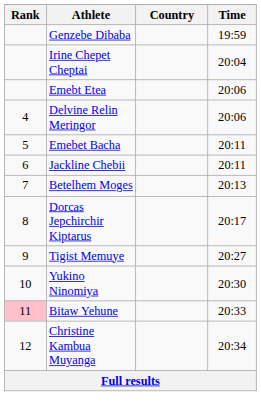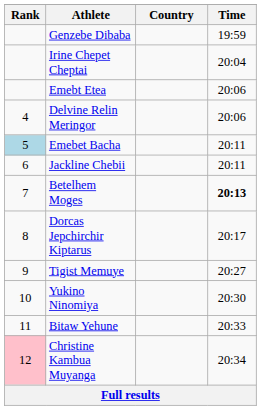 <table class="wikitable sortable" style=" text-align:center; font-size:95%;" width="50%">
 <tr>
 </tr>
 <tr>
 <th width=5%>Rank</th>
 <th width=20%>Athlete</th>
 <th width=15%>Country</th>
 <th width=10%>Time</th>
 </tr>
 <tr>
 <td align=center></td>
 <td align=left><a href='#'>Genzebe Dibaba</a></td>
 <td align=left></td>
 <td>19:59</td>
 </tr>
 <tr>
 <td align=center></td>
 <td align=left><a href='#'>Irine Chepet Cheptai</a></td>
 <td align=left></td>
 <td>20:04</td>
 </tr>
 <tr>
 <td align=center></td>
 <td align=left><a href='#'>Emebt Etea</a></td>
 <td align=left></td>
 <td>20:06</td>
 </tr>
 <tr>
 <td align=center>4</td>
 <td align=left><a href='#'>Delvine Relin Meringor</a></td>
 <td align=left></td>
 <td>20:06</td>
 </tr>
 <tr>
-<td align=center>5</td>
+<td align=center style="background: lightblue;">5</td>
 <td align=left><a href='#'>Emebet Bacha</a></td>
 <td align=left></td>
 <td>20:11</td>
 </tr>
 <tr>
 <td align=center>6</td>
 <td align=left><a href='#'>Jackline Chebii</a></td>
 <td align=left></td>
 <td>20:11</td>
 </tr>
 <tr>
 <td align=center>7</td>
 <td align=left><a href='#'>Betelhem Moges</a></td>
 <td align=left></td>
-<td>20:13</td>
+<td><strong>20:13</strong></td>
 </tr>
 <tr>
 <td align=center>8</td>
 <td align=left><a href='#'>Dorcas Jepchirchir Kiptarus</a></td>
 <td align=left></td>
 <td>20:17</td>
 </tr>
 <tr>
 <td align=center>9</td>
 <td align=left><a href='#'>Tigist Memuye</a></td>
 <td align=left></td>
 <td>20:27</td>
 </tr>
 <tr>
 <td align=center>10</td>
 <td align=left><a href='#'>Yukino Ninomiya</a></td>
 <td align=left></td>
 <td>20:30</td>
 </tr>
 <tr>
-<td align=center style="background: pink;">11</td>
+<td align=center>11</td>
 <td align=left><a href='#'>Bitaw Yehune</a></td>
 <td align=left></td>
 <td>20:33</td>
 </tr>
 <tr>
-<td align=center>12</td>
+<td align=center style="background: pink;">12</td>
 <td align=left><a href='#'>Christine Kambua Muyanga</a></td>
 <td align=left></td>
 <td>20:34</td>
 </tr>
 <tr class="sortbottom">
 <th colspan=4 align=center><a href='#'>Full results</a></th>
 </tr>
 </table>
